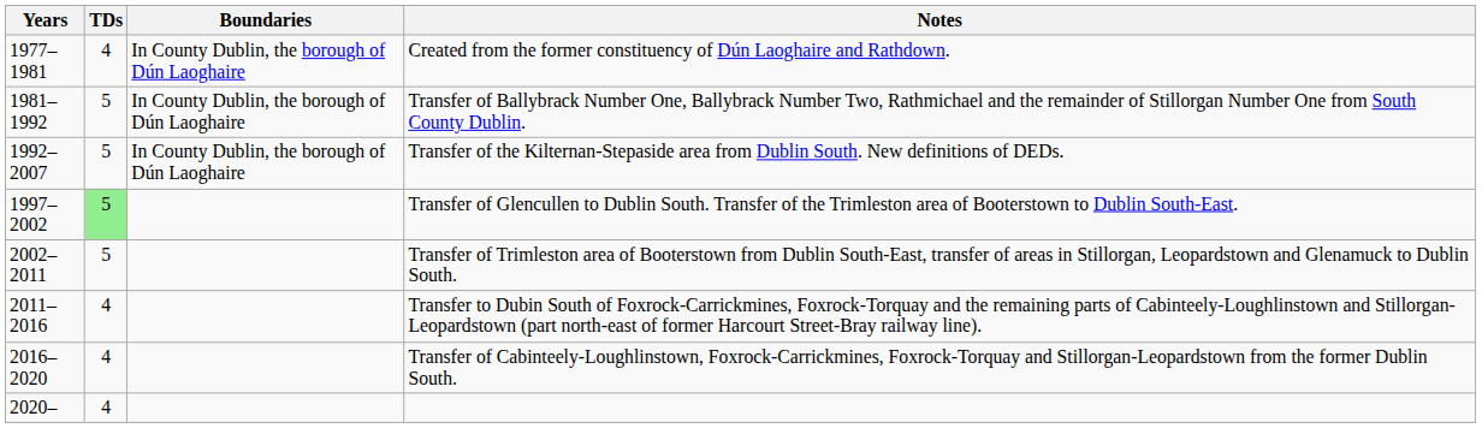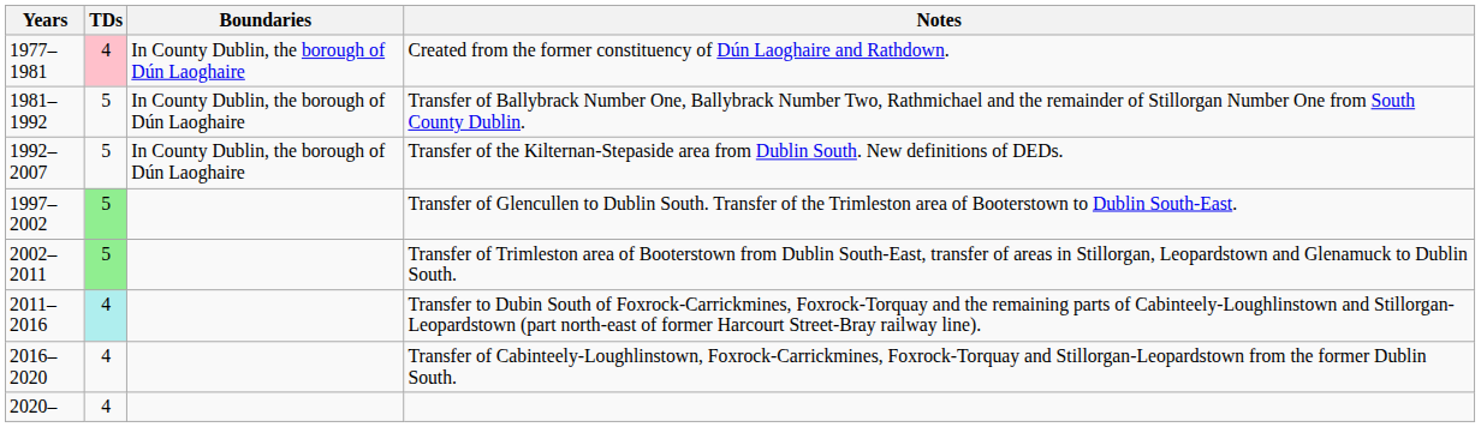 <table class="wikitable">
 <tr>
 </tr>
 <tr>
 <th>Years</th>
 <th>TDs</th>
 <th>Boundaries</th>
 <th>Notes</th>
 </tr>
 <tr style="vertical-align:top">
 <td>1977–1981</td>
-<td style="text-align:center">4</td>
+<td style="background: pink; text-align:center">4</td>
 <td>In County Dublin, the <a href='#'>borough of Dún Laoghaire</a> </td>
 <td>Created from the former constituency of <a href='#'>Dún Laoghaire and Rathdown</a>.</td>
 </tr>
 <tr style="vertical-align:top">
 <td>1981–1992</td>
 <td style="text-align:center">5</td>
 <td>In County Dublin, the borough of Dún Laoghaire </td>
 <td>Transfer of Ballybrack Number One, Ballybrack Number Two, Rathmichael and the remainder of Stillorgan Number One from <a href='#'>South County Dublin</a>.</td>
 </tr>
 <tr style="vertical-align:top">
 <td>1992–2007</td>
 <td style="text-align:center">5</td>
 <td>In County Dublin, the borough of Dún Laoghaire </td>
 <td>Transfer of the Kilternan-Stepaside area from <a href='#'>Dublin South</a>. New definitions of DEDs.</td>
 </tr>
 <tr style="vertical-align:top">
 <td>1997–2002</td>
 <td style="background: lightgreen; text-align:center">5</td>
 <td></td>
 <td>Transfer of Glencullen to Dublin South. Transfer of the Trimleston area of Booterstown to <a href='#'>Dublin South-East</a>.</td>
 </tr>
 <tr style="vertical-align:top">
 <td>2002–2011</td>
-<td style="text-align:center">5</td>
+<td style="background: lightgreen; text-align:center">5</td>
 <td></td>
 <td>Transfer of Trimleston area of Booterstown from Dublin South-East, transfer of areas in Stillorgan, Leopardstown and Glenamuck to Dublin South.</td>
 </tr>
 <tr style="vertical-align:top">
 <td>2011–2016</td>
-<td style="text-align:center">4</td>
+<td style="background: paleturquoise; text-align:center">4</td>
 <td></td>
 <td>Transfer to Dubin South of Foxrock-Carrickmines, Foxrock-Torquay and the remaining parts of Cabinteely-Loughlinstown and Stillorgan-Leopardstown (part north-east of former Harcourt Street-Bray railway line).</td>
 </tr>
 <tr style="vertical-align:top">
 <td>2016–2020</td>
 <td style="text-align:center">4</td>
 <td></td>
 <td>Transfer of Cabinteely-Loughlinstown, Foxrock-Carrickmines, Foxrock-Torquay and Stillorgan-Leopardstown from the former Dublin South.</td>
 </tr>
 <tr style="vertical-align:top">
 <td>2020–</td>
 <td style="text-align:center">4</td>
 <td></td>
 <td></td>
 </tr>
 </table>
